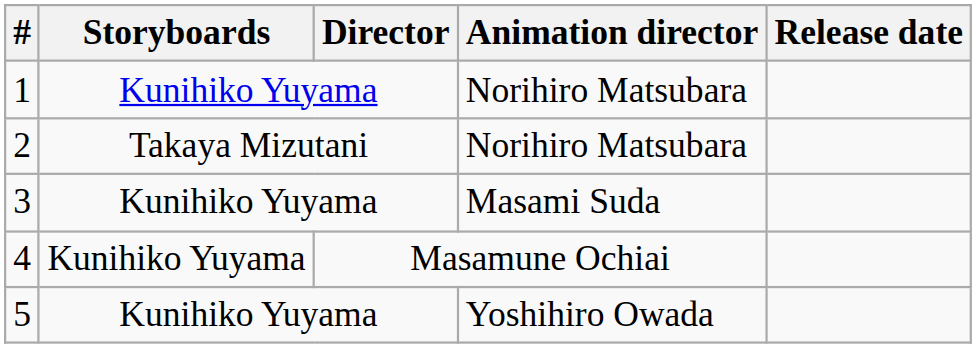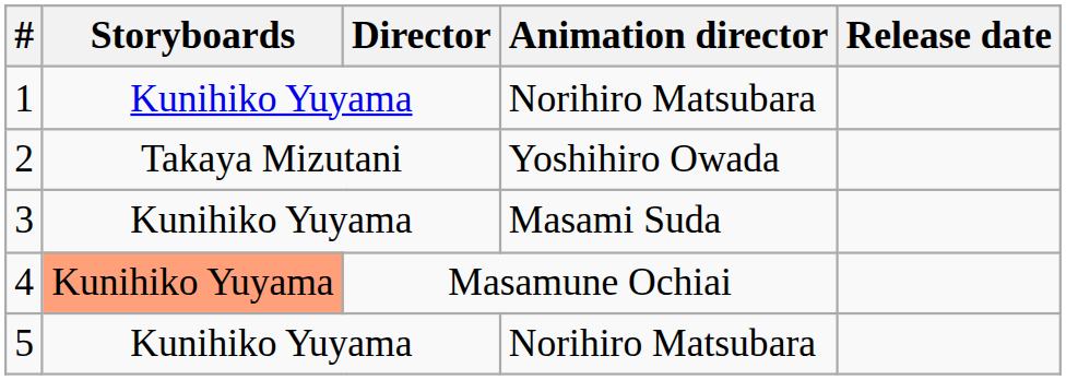 <table class="wikitable">
 <tr>
 <th>#</th>
 <th>Storyboards</th>
 <th>Director</th>
 <th>Animation director</th>
 <th>Release date</th>
 </tr>
 <tr>
 <td>1</td>
 <td colspan="2" style="text-align:center"><a href='#'>Kunihiko Yuyama</a></td>
 <td>Norihiro Matsubara</td>
 <td></td>
 </tr>
 <tr>
 <td>2</td>
 <td colspan="2" style="text-align:center">Takaya Mizutani</td>
-<td>Norihiro Matsubara</td>
+<td>Yoshihiro Owada</td>
 <td></td>
 </tr>
 <tr>
 <td>3</td>
 <td colspan="2" style="text-align:center">Kunihiko Yuyama</td>
 <td>Masami Suda</td>
 <td></td>
 </tr>
 <tr>
 <td>4</td>
-<td>Kunihiko Yuyama</td>
+<td style="background: lightsalmon;">Kunihiko Yuyama</td>
 <td colspan="2" style="text-align:center">Masamune Ochiai</td>
 <td></td>
 </tr>
 <tr>
 <td>5</td>
 <td colspan="2" style="text-align:center">Kunihiko Yuyama</td>
-<td>Yoshihiro Owada</td>
+<td>Norihiro Matsubara</td>
 <td></td>
 </tr>
 </table>
